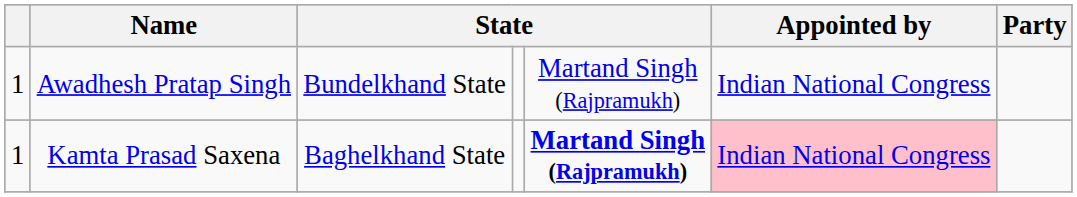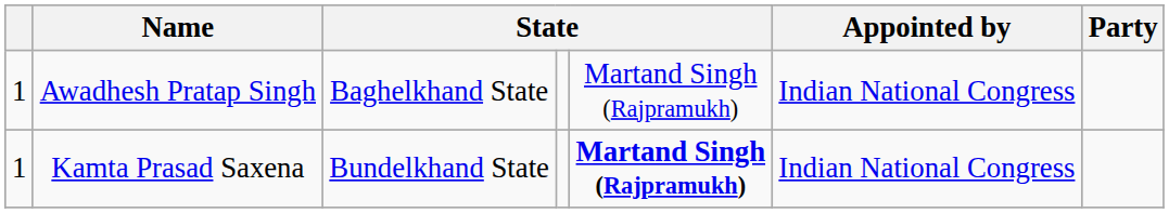 <table class="wikitable" style="text-align:center">
 <tr>
 <th scope="col"></th>
 <th scope="col">Name</th>
 <th colspan="3" scope="col">State</th>
 <th>Appointed by</th>
 <th colspan="2">Party</th>
 </tr>
 <tr>
 <td scope="row">1</td>
 <td><a href='#'>Awadhesh Pratap Singh</a></td>
-<td><a href='#'>Bundelkhand</a> State</td>
+<td><a href='#'>Baghelkhand</a> State</td>
 <td></td>
 <td><a href='#'>Martand Singh</a><br><small>(<a href='#'>Rajpramukh</a>)</small></td>
 <td><a href='#'>Indian National Congress</a></td>
 <td style="background-color:"></td>
 </tr>
 <tr>
 <td scope="row">1</td>
 <td><a href='#'>Kamta Prasad</a> Saxena</td>
-<td><a href='#'>Baghelkhand</a> State</td>
+<td><a href='#'>Bundelkhand</a> State</td>
 <td></td>
 <td><strong><a href='#'>Martand Singh</a><br><small>(<a href='#'>Rajpramukh</a>)</small></strong></td>
-<td style="background: pink;"><a href='#'>Indian National Congress</a></td>
+<td><a href='#'>Indian National Congress</a></td>
 <td style="background-color:"></td>
 </tr>
 </table>
